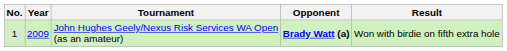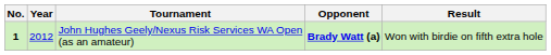 <table class="wikitable" style="font-size:95%;">
 <tr>
 <th>No.</th>
 <th>Year</th>
 <th>Tournament</th>
 <th>Opponent</th>
 <th>Result</th>
 </tr>
 <tr style="background:#D0F0C0;">
-<td align=center>1</td>
-<td><a href='#'>2009</a></td>
+<td align=center><strong>1</strong></td>
+<td><a href='#'>2012</a></td>
 <td><a href='#'>John Hughes Geely/Nexus Risk Services WA Open</a><br>(as an amateur)</td>
 <td><strong> <a href='#'>Brady Watt</a> (a)</strong></td>
 <td>Won with birdie on fifth extra hole</td>
 </tr>
 </table>
